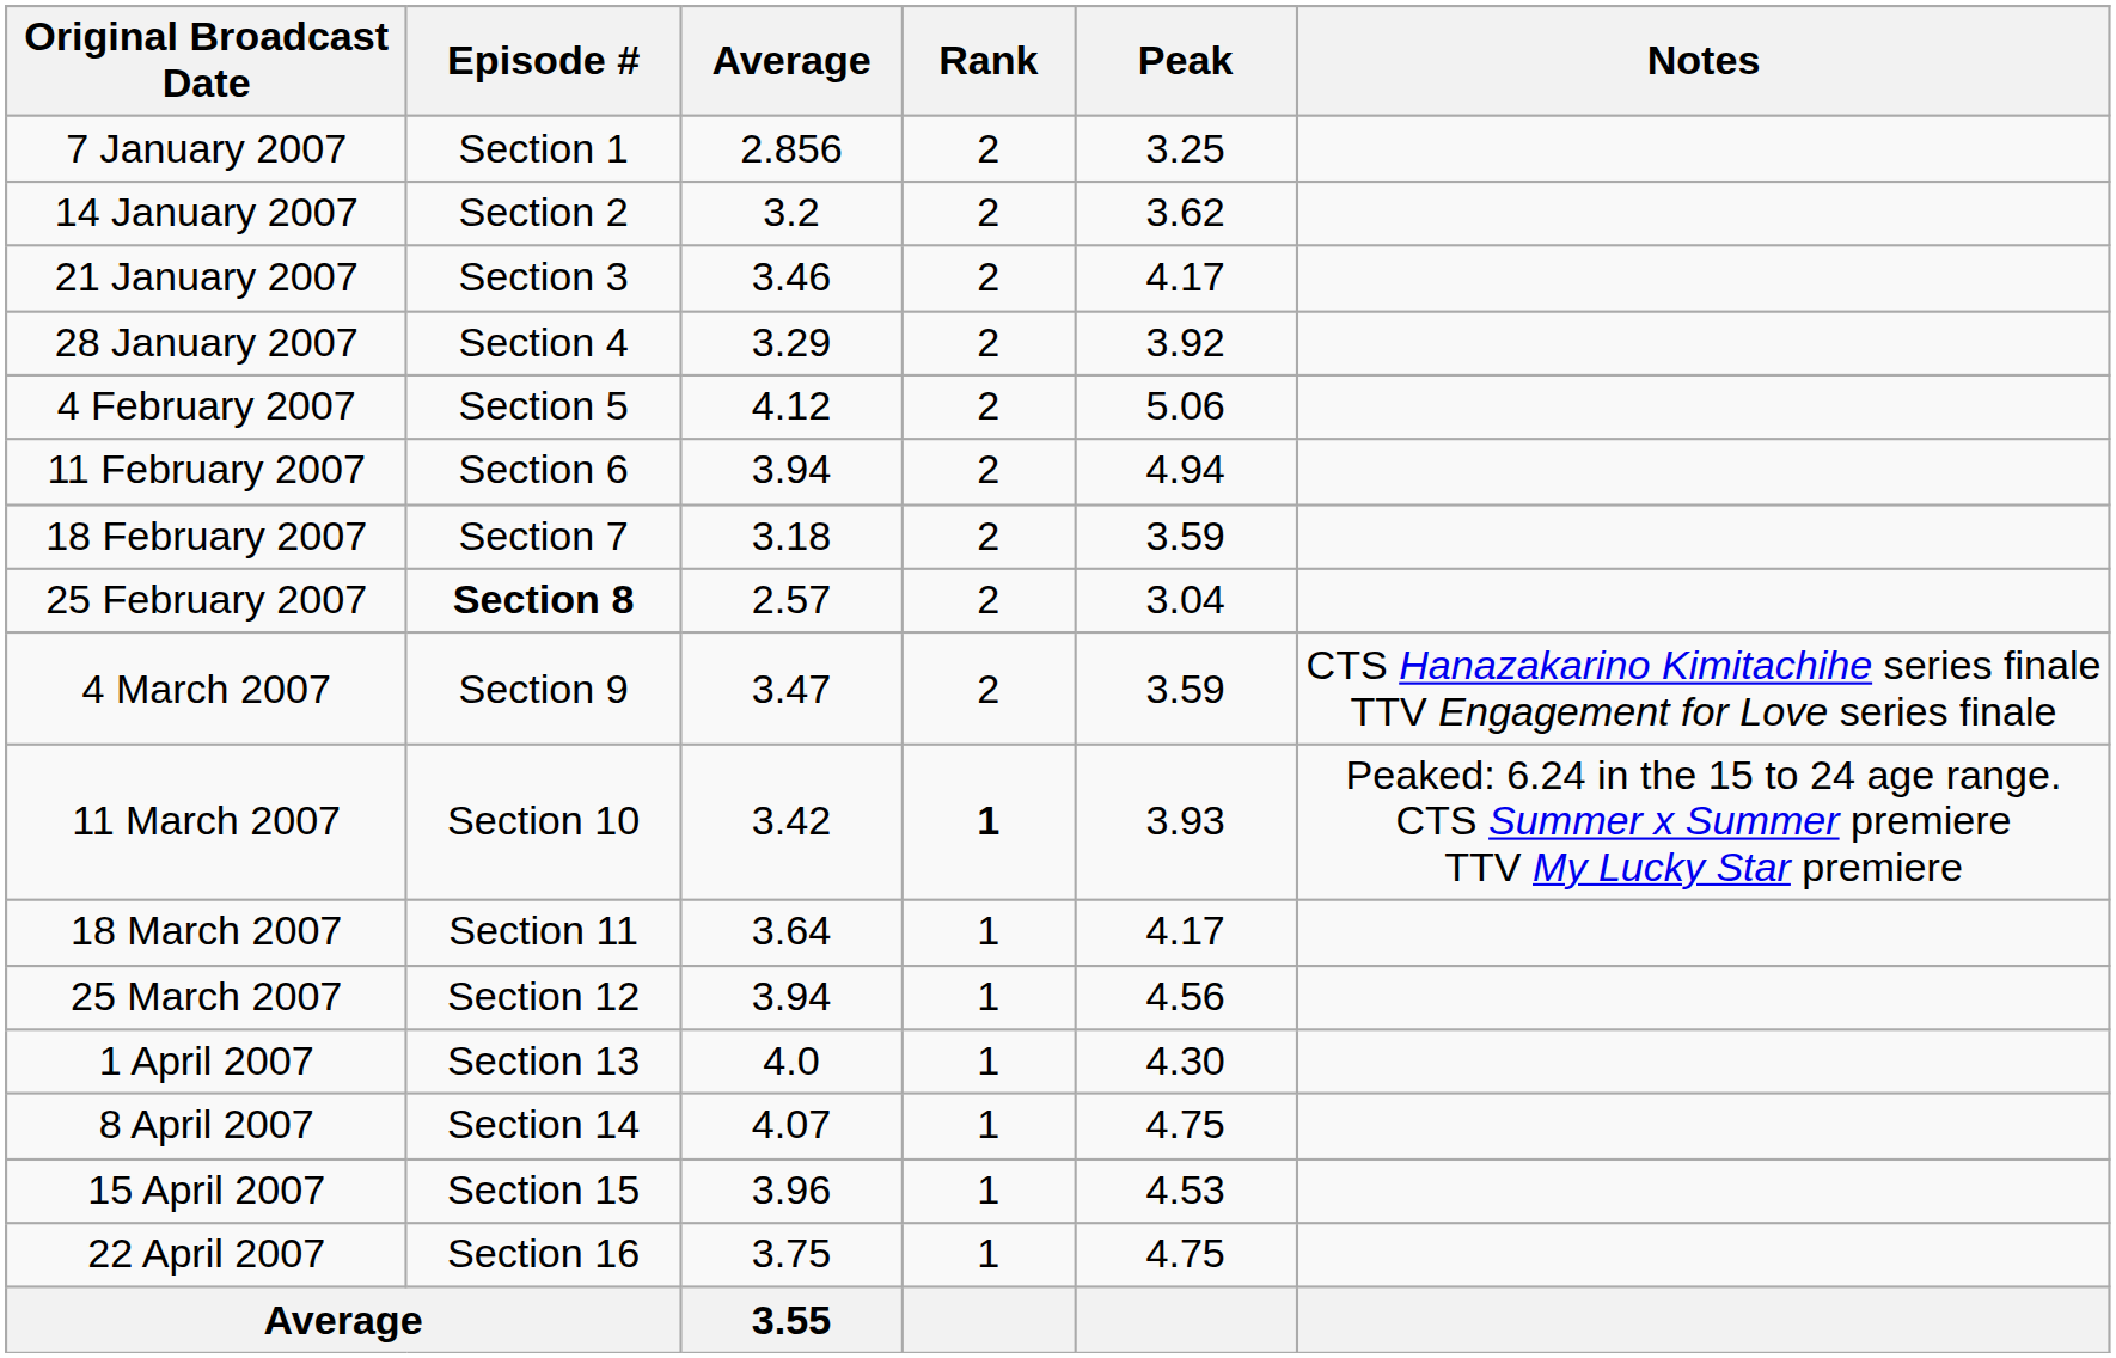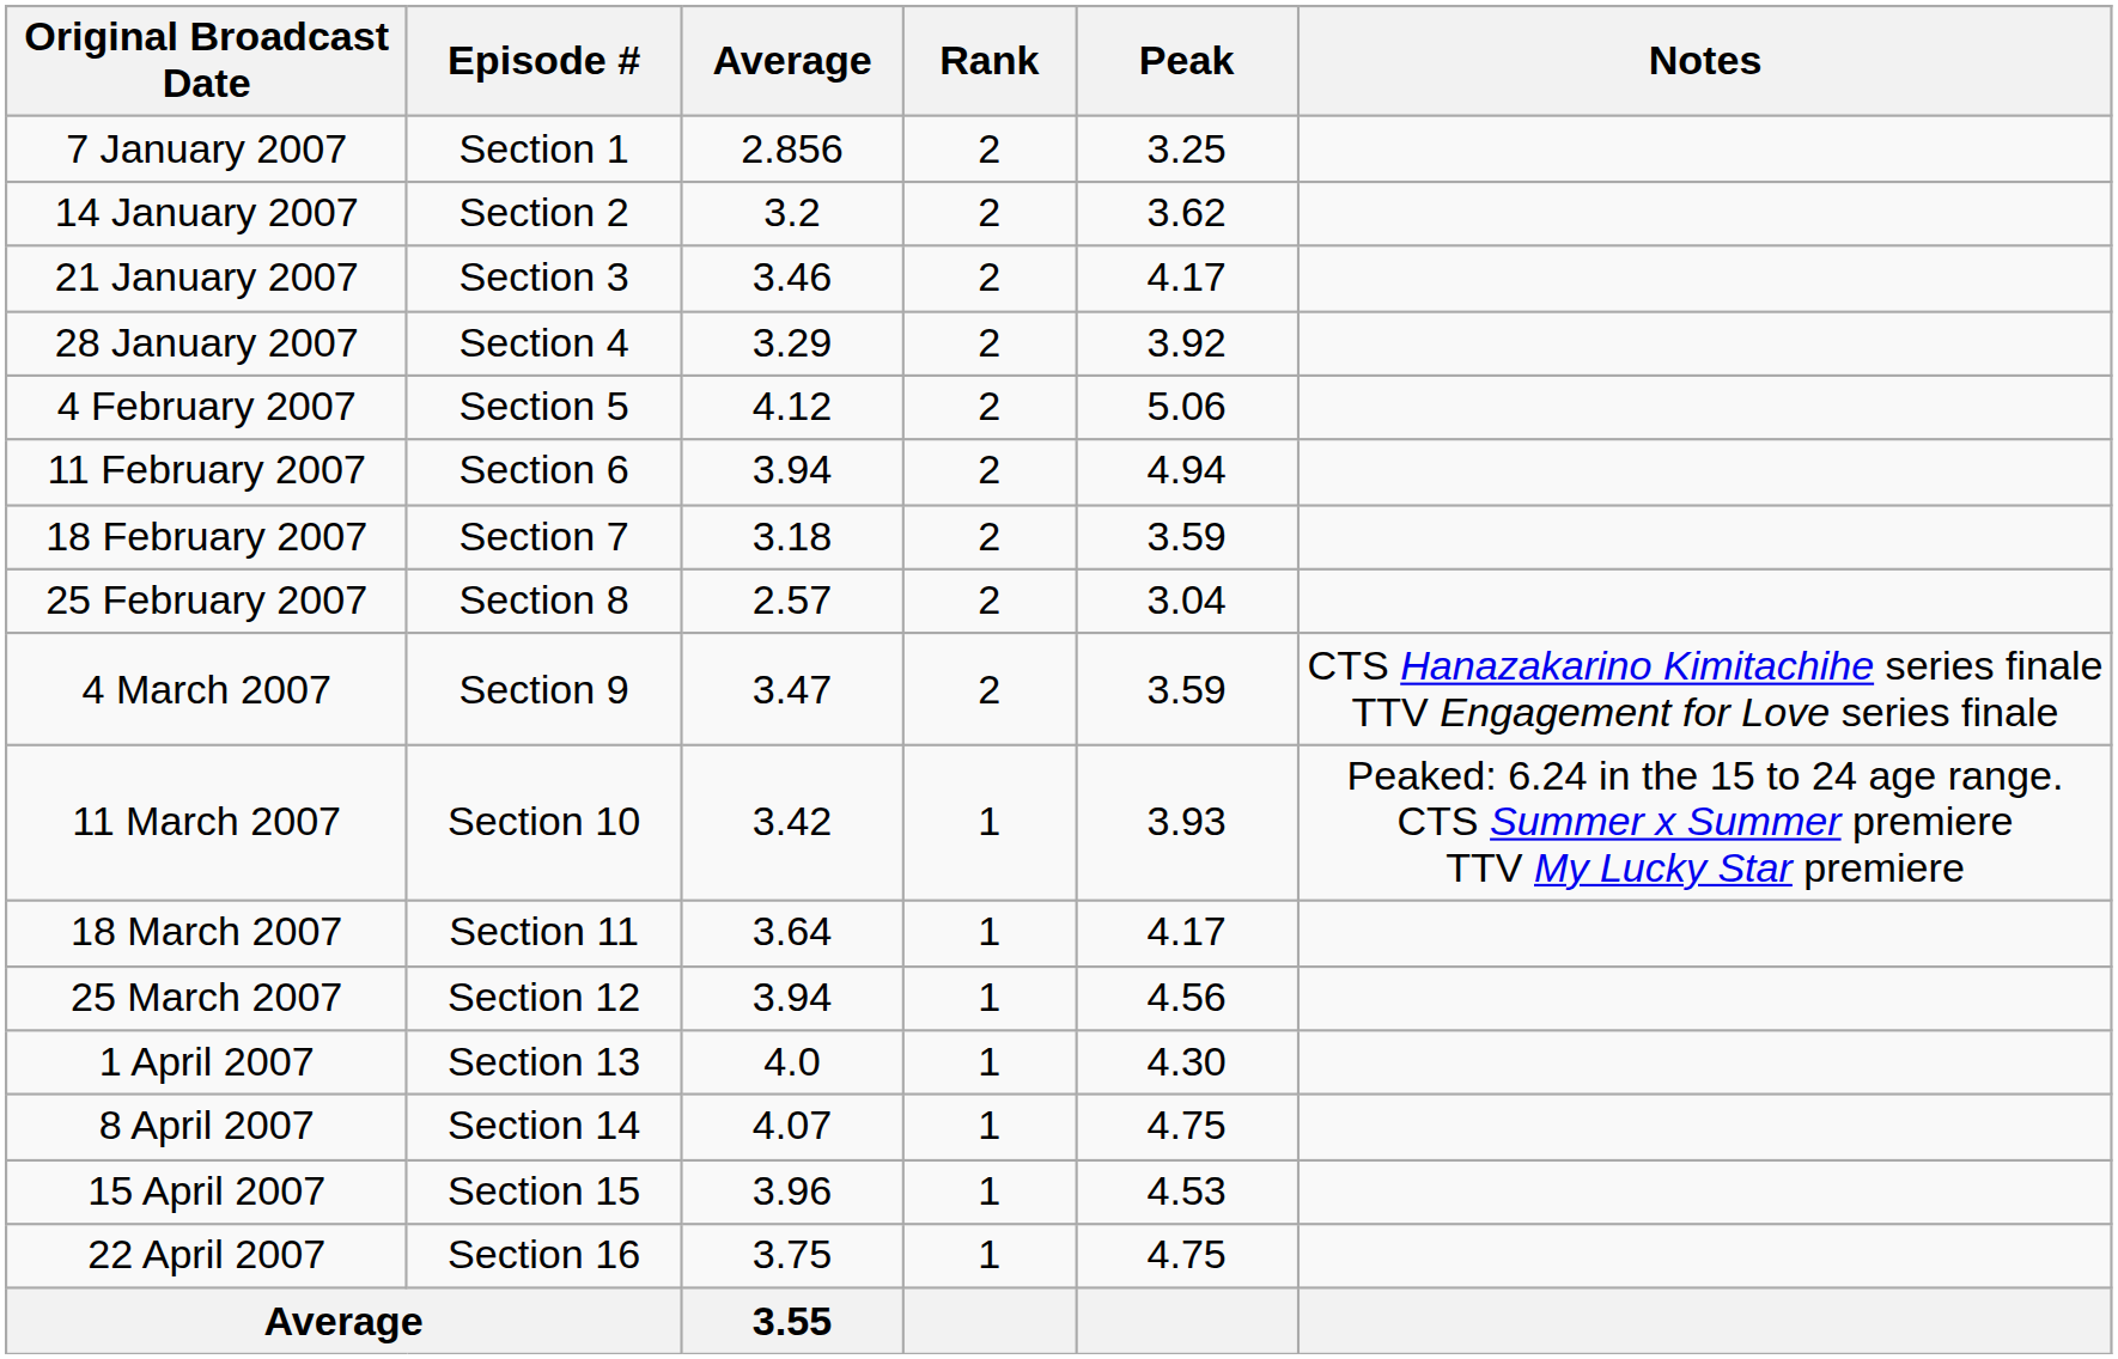 <table class="wikitable" style="text-align:center">
 <tr>
 <th width=150>Original Broadcast Date</th>
 <th width=100>Episode #</th>
 <th width=80>Average</th>
 <th width=60>Rank</th>
 <th width=80>Peak</th>
 <th>Notes</th>
 </tr>
 <tr>
 <td>7 January 2007</td>
 <td>Section 1</td>
 <td>2.856</td>
 <td>2</td>
 <td>3.25</td>
 <td></td>
 </tr>
 <tr>
 <td>14 January 2007</td>
 <td>Section 2</td>
 <td>3.2</td>
 <td>2</td>
 <td>3.62</td>
 <td></td>
 </tr>
 <tr>
 <td>21 January 2007</td>
 <td>Section 3</td>
 <td>3.46</td>
 <td>2</td>
 <td>4.17</td>
 <td></td>
 </tr>
 <tr>
 <td>28 January 2007</td>
 <td>Section 4</td>
 <td>3.29</td>
 <td>2</td>
 <td>3.92</td>
 <td></td>
 </tr>
 <tr>
 <td>4 February 2007</td>
 <td>Section 5</td>
 <td><span>4.12 </span></td>
 <td>2</td>
 <td><span>5.06</span></td>
 <td></td>
 </tr>
 <tr>
 <td>11 February 2007</td>
 <td>Section 6</td>
 <td>3.94</td>
 <td>2</td>
 <td>4.94</td>
 <td></td>
 </tr>
 <tr>
 <td>18 February 2007</td>
 <td>Section 7</td>
 <td>3.18</td>
 <td>2</td>
 <td>3.59</td>
 <td></td>
 </tr>
 <tr>
 <td>25 February 2007</td>
-<td><strong>Section 8</strong></td>
+<td>Section 8</td>
 <td><span>2.57</span></td>
 <td>2</td>
 <td><span>3.04</span></td>
 <td></td>
 </tr>
 <tr>
 <td>4 March 2007</td>
 <td>Section 9</td>
 <td>3.47</td>
 <td>2</td>
 <td>3.59</td>
 <td>CTS <em><a href='#'>Hanazakarino Kimitachihe</a></em> series finale<br>TTV <em>Engagement for Love</em> series finale</td>
 </tr>
 <tr>
 <td>11 March 2007</td>
 <td>Section 10</td>
 <td>3.42</td>
-<td><strong>1</strong></td>
+<td>1</td>
 <td>3.93</td>
 <td>Peaked: 6.24 in the 15 to 24 age range.<br>CTS <em><a href='#'>Summer x Summer</a></em> premiere<br>TTV <em><a href='#'>My Lucky Star</a></em> premiere</td>
 </tr>
 <tr>
 <td>18 March 2007</td>
 <td>Section 11</td>
 <td>3.64</td>
 <td>1</td>
 <td>4.17</td>
 <td></td>
 </tr>
 <tr>
 <td>25 March 2007</td>
 <td>Section 12</td>
 <td>3.94</td>
 <td>1</td>
 <td>4.56</td>
 <td></td>
 </tr>
 <tr>
 <td>1 April 2007</td>
 <td>Section 13</td>
 <td>4.0</td>
 <td>1</td>
 <td>4.30</td>
 <td></td>
 </tr>
 <tr>
 <td>8 April 2007</td>
 <td>Section 14</td>
 <td>4.07</td>
 <td>1</td>
 <td>4.75</td>
 <td></td>
 </tr>
 <tr>
 <td>15 April 2007</td>
 <td>Section 15</td>
 <td>3.96</td>
 <td>1</td>
 <td>4.53</td>
 <td></td>
 </tr>
 <tr>
 <td>22 April 2007</td>
 <td>Section 16</td>
 <td>3.75</td>
 <td>1</td>
 <td>4.75</td>
 <td></td>
 </tr>
 <tr>
 <th colspan=2>Average</th>
 <th>3.55</th>
 <th></th>
 <th></th>
 <th></th>
 </tr>
 </table>
